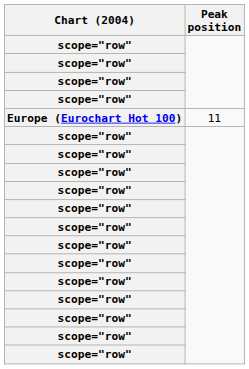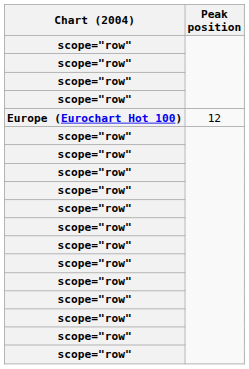 <table class="wikitable sortable plainrowheaders" style="text-align:center">
 <tr>
 <th scope="col">Chart (2004)</th>
 <th scope="col">Peak<br>position</th>
 </tr>
 <tr>
 <th>scope="row"</th>
 </tr>
 <tr>
 <th>scope="row"</th>
 </tr>
 <tr>
 <th>scope="row"</th>
 </tr>
 <tr>
 <th>scope="row"</th>
 </tr>
 <tr>
 <th scope="row">Europe (<a href='#'>Eurochart Hot 100</a>)</th>
-<td>11</td>
+<td>12</td>
 </tr>
 <tr>
 <th>scope="row"</th>
 </tr>
 <tr>
 <th>scope="row"</th>
 </tr>
 <tr>
 <th>scope="row"</th>
 </tr>
 <tr>
 <th>scope="row"</th>
 </tr>
 <tr>
 <th>scope="row"</th>
 </tr>
 <tr>
 <th>scope="row"</th>
 </tr>
 <tr>
 <th>scope="row"</th>
 </tr>
 <tr>
 <th>scope="row"</th>
 </tr>
 <tr>
 <th>scope="row"</th>
 </tr>
 <tr>
 <th>scope="row"</th>
 </tr>
 <tr>
 <th>scope="row"</th>
 </tr>
 <tr>
 <th>scope="row"</th>
 </tr>
 <tr>
 <th>scope="row"</th>
 </tr>
 </table>
